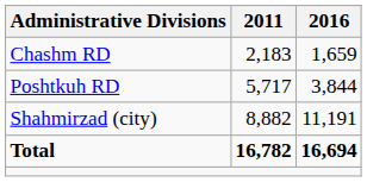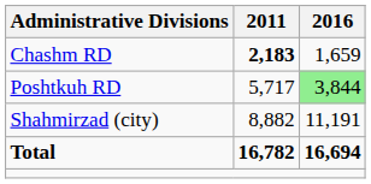 <table class="wikitable">
 <tr>
 <th>Administrative Divisions</th>
 <th>2011</th>
 <th>2016</th>
 </tr>
 <tr>
 <td><a href='#'>Chashm RD</a></td>
-<td style="text-align: right;">2,183</td>
+<td style="text-align: right;"><strong>2,183</strong></td>
 <td style="text-align: right;">1,659</td>
 </tr>
 <tr>
 <td><a href='#'>Poshtkuh RD</a></td>
 <td style="text-align: right;">5,717</td>
-<td style="text-align: right;">3,844</td>
+<td style="background: lightgreen; text-align: right;">3,844</td>
 </tr>
 <tr>
 <td><a href='#'>Shahmirzad</a> (city)</td>
 <td style="text-align: right;">8,882</td>
 <td style="text-align: right;">11,191</td>
 </tr>
 <tr>
 <td><strong>Total</strong></td>
 <td style="text-align: right;"><strong>16,782</strong></td>
 <td style="text-align: right;"><strong>16,694</strong></td>
 </tr>
 <tr>
 <td colspan=3></td>
 </tr>
 </table>
